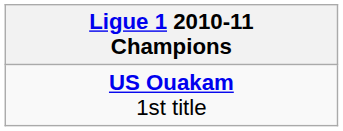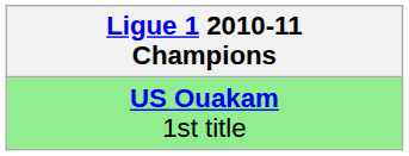 <table class="wikitable" style="margin: 0 auto; width: 240px;">
 <tr>
 <th><a href='#'>Ligue 1</a> 2010-11<br>Champions</th>
 </tr>
 <tr>
-<td align=center><strong><a href='#'>US Ouakam</a></strong><br>1st title</td>
+<td align=center style="background: lightgreen;"><strong><a href='#'>US Ouakam</a></strong><br>1st title</td>
 </tr>
 </table>
